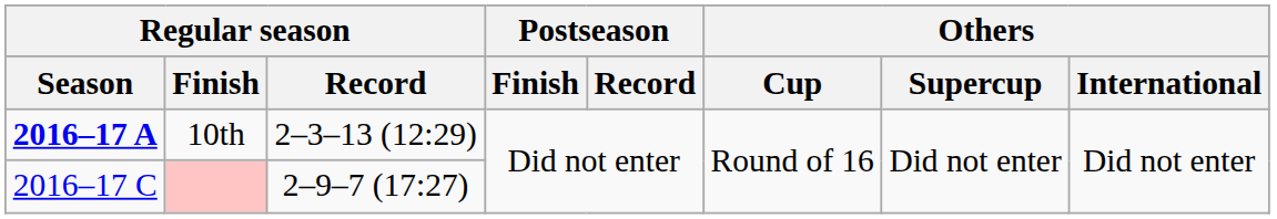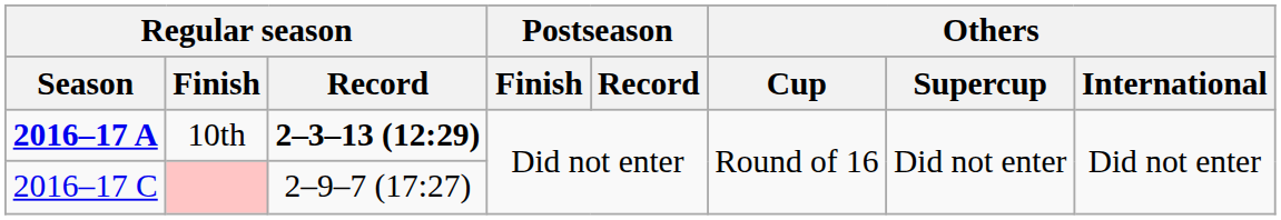 <table class="wikitable">
 <tr>
 <th colspan=3>Regular season</th>
 <th colspan=2>Postseason</th>
 <th colspan=3>Others</th>
 </tr>
 <tr>
 <th>Season</th>
 <th>Finish</th>
 <th>Record</th>
 <th>Finish</th>
 <th>Record</th>
 <th>Cup</th>
 <th>Supercup</th>
 <th>International</th>
 </tr>
 <tr align=center>
 <td><strong><a href='#'>2016–17 A</a></strong></td>
 <td>10th</td>
-<td>2–3–13 (12:29)</td>
+<td><strong>2–3–13 (12:29)</strong></td>
 <td colspan=2 rowspan=2>Did not enter</td>
 <td rowspan=2>Round of 16</td>
 <td rowspan=2>Did not enter</td>
 <td rowspan=2>Did not enter</td>
 </tr>
 <tr align=center>
 <td><a href='#'>2016–17 C</a></td>
 <td bgcolor=FFC5C5></td>
 <td>2–9–7 (17:27)</td>
 </tr>
 </table>
